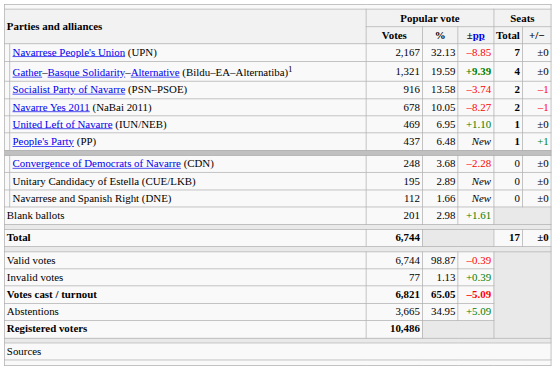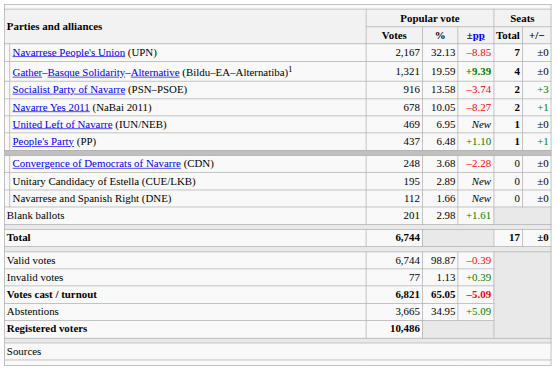 <table class="wikitable" style="text-align:right;">
 <tr>
 <td colspan="7"></td>
 </tr>
 <tr>
 <th style="text-align:left;" rowspan="2" colspan="2" width="525">Parties and alliances</th>
 <th colspan="3">Popular vote</th>
 <th colspan="2">Seats</th>
 </tr>
 <tr>
 <th width="75">Votes</th>
 <th width="45">%</th>
 <th width="45">±<a href='#'>pp</a></th>
 <th width="35">Total</th>
 <th width="35">+/−</th>
 </tr>
 <tr>
 <td width="1" style="color:inherit;background:"></td>
 <td align="left"><a href='#'>Navarrese People's Union</a> (UPN)</td>
 <td>2,167</td>
 <td>32.13</td>
 <td style="color:red;">–8.85</td>
 <td><strong>7</strong></td>
 <td>±0</td>
 </tr>
 <tr>
 <td style="color:inherit;background:"></td>
 <td align="left"><a href='#'>Gather</a>–<a href='#'>Basque Solidarity</a>–<a href='#'>Alternative</a> (Bildu–EA–Alternatiba)<sup>1</sup></td>
 <td>1,321</td>
 <td>19.59</td>
 <td style="color:green;"><strong>+9.39</strong></td>
 <td><strong>4</strong></td>
 <td>±0</td>
 </tr>
 <tr>
 <td style="color:inherit;background:"></td>
 <td align="left"><a href='#'>Socialist Party of Navarre</a> (PSN–PSOE)</td>
 <td>916</td>
 <td>13.58</td>
 <td style="color:red;">–3.74</td>
 <td><strong>2</strong></td>
-<td style="color:red;">–1</td>
+<td style="color:green;">+3</td>
 </tr>
 <tr>
 <td style="color:inherit;background:"></td>
 <td align="left"><a href='#'>Navarre Yes 2011</a> (NaBai 2011)</td>
 <td>678</td>
 <td>10.05</td>
 <td style="color:red;">–8.27</td>
 <td><strong>2</strong></td>
-<td style="color:red;">–1</td>
+<td style="color:green;">+1</td>
 </tr>
 <tr>
 <td style="color:inherit;background:"></td>
 <td align="left"><a href='#'>United Left of Navarre</a> (IUN/NEB)</td>
 <td>469</td>
 <td>6.95</td>
-<td style="color:green;">+1.10</td>
+<td><em>New</em></td>
 <td><strong>1</strong></td>
 <td>±0</td>
 </tr>
 <tr>
 <td style="color:inherit;background:"></td>
 <td align="left"><a href='#'>People's Party</a> (PP)</td>
 <td>437</td>
 <td>6.48</td>
-<td><em>New</em></td>
+<td style="color:green;">+1.10</td>
 <td><strong>1</strong></td>
 <td style="color:green;">+1</td>
 </tr>
 <tr>
 <td colspan="7" bgcolor="#C0C0C0"></td>
 </tr>
 <tr>
 <td style="color:inherit;background:"></td>
 <td align="left"><a href='#'>Convergence of Democrats of Navarre</a> (CDN)</td>
 <td>248</td>
 <td>3.68</td>
 <td style="color:red;">–2.28</td>
 <td>0</td>
 <td>±0</td>
 </tr>
 <tr>
 <td style="color:inherit;background:"></td>
 <td align="left">Unitary Candidacy of Estella (CUE/LKB)</td>
 <td>195</td>
 <td>2.89</td>
 <td><em>New</em></td>
 <td>0</td>
 <td>±0</td>
 </tr>
 <tr>
 <td style="color:inherit;background:"></td>
 <td align="left">Navarrese and Spanish Right (DNE)</td>
 <td>112</td>
 <td>1.66</td>
 <td><em>New</em></td>
 <td>0</td>
 <td>±0</td>
 </tr>
 <tr>
 <td align="left" colspan="2">Blank ballots</td>
 <td>201</td>
 <td>2.98</td>
 <td style="color:green;">+1.61</td>
 <td bgcolor="#E9E9E9" colspan="2"></td>
 </tr>
 <tr>
 <td colspan="7" bgcolor="#E9E9E9"></td>
 </tr>
 <tr style="font-weight:bold;">
 <td align="left" colspan="2">Total</td>
 <td>6,744</td>
 <td bgcolor="#E9E9E9" colspan="2"></td>
 <td>17</td>
 <td>±0</td>
 </tr>
 <tr>
 <td colspan="7" bgcolor="#E9E9E9"></td>
 </tr>
 <tr>
 <td align="left" colspan="2">Valid votes</td>
 <td>6,744</td>
 <td>98.87</td>
 <td style="color:red;">–0.39</td>
 <td bgcolor="#E9E9E9" colspan="2" rowspan="5"></td>
 </tr>
 <tr>
 <td align="left" colspan="2">Invalid votes</td>
 <td>77</td>
 <td>1.13</td>
 <td style="color:green;">+0.39</td>
 </tr>
 <tr style="font-weight:bold;">
 <td align="left" colspan="2">Votes cast / turnout</td>
 <td>6,821</td>
 <td>65.05</td>
 <td style="color:red;">–5.09</td>
 </tr>
 <tr>
 <td align="left" colspan="2">Abstentions</td>
 <td>3,665</td>
 <td>34.95</td>
 <td style="color:green;">+5.09</td>
 </tr>
 <tr style="font-weight:bold;">
 <td align="left" colspan="2">Registered voters</td>
 <td>10,486</td>
 <td bgcolor="#E9E9E9" colspan="2"></td>
 </tr>
 <tr>
 <td colspan="7" bgcolor="#E9E9E9"></td>
 </tr>
 <tr>
 <td align="left" colspan="7">Sources</td>
 </tr>
 <tr>
 <td colspan="7" style="text-align:left; max-width:790px;"></td>
 </tr>
 </table>
